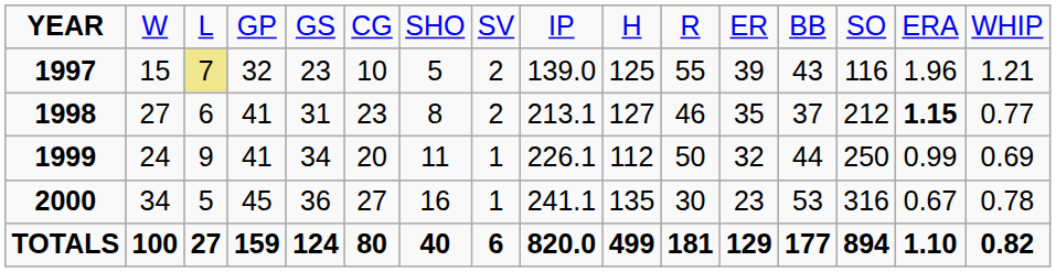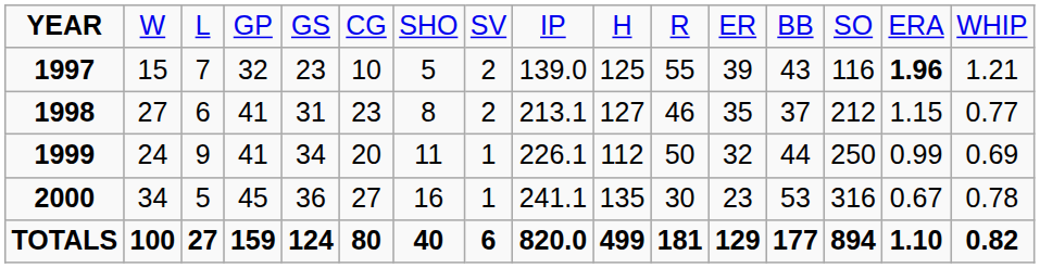 <table class="sortable wikitable">
 <tr align=center>
 <td><strong>YEAR</strong></td>
 <td><a href='#'>W</a></td>
 <td><a href='#'>L</a></td>
 <td><a href='#'>GP</a></td>
 <td><a href='#'>GS</a></td>
 <td><a href='#'>CG</a></td>
 <td><a href='#'>SHO</a></td>
 <td><a href='#'>SV</a></td>
 <td><a href='#'>IP</a></td>
 <td><a href='#'>H</a></td>
 <td><a href='#'>R</a></td>
 <td><a href='#'>ER</a></td>
 <td><a href='#'>BB</a></td>
 <td><a href='#'>SO</a></td>
 <td><a href='#'>ERA</a></td>
 <td><a href='#'>WHIP</a></td>
 </tr>
 <tr align=center>
 <td><strong>1997</strong></td>
 <td>15</td>
-<td style="background: khaki;">7</td>
+<td>7</td>
 <td>32</td>
 <td>23</td>
 <td>10</td>
 <td>5</td>
 <td>2</td>
 <td>139.0</td>
 <td>125</td>
 <td>55</td>
 <td>39</td>
 <td>43</td>
 <td>116</td>
-<td>1.96</td>
+<td><strong>1.96</strong></td>
 <td>1.21</td>
 </tr>
 <tr align=center>
 <td><strong>1998</strong></td>
 <td>27</td>
 <td>6</td>
 <td>41</td>
 <td>31</td>
 <td>23</td>
 <td>8</td>
 <td>2</td>
 <td>213.1</td>
 <td>127</td>
 <td>46</td>
 <td>35</td>
 <td>37</td>
 <td>212</td>
-<td><strong>1.15</strong></td>
+<td>1.15</td>
 <td>0.77</td>
 </tr>
 <tr align=center>
 <td><strong>1999</strong></td>
 <td>24</td>
 <td>9</td>
 <td>41</td>
 <td>34</td>
 <td>20</td>
 <td>11</td>
 <td>1</td>
 <td>226.1</td>
 <td>112</td>
 <td>50</td>
 <td>32</td>
 <td>44</td>
 <td>250</td>
 <td>0.99</td>
 <td>0.69</td>
 </tr>
 <tr align=center>
 <td><strong>2000</strong></td>
 <td>34</td>
 <td>5</td>
 <td>45</td>
 <td>36</td>
 <td>27</td>
 <td>16</td>
 <td>1</td>
 <td>241.1</td>
 <td>135</td>
 <td>30</td>
 <td>23</td>
 <td>53</td>
 <td>316</td>
 <td>0.67</td>
 <td>0.78</td>
 </tr>
 <tr align=center>
 <td><strong>TOTALS</strong></td>
 <td><strong>100</strong></td>
 <td><strong>27</strong></td>
 <td><strong>159</strong></td>
 <td><strong>124</strong></td>
 <td><strong>80</strong></td>
 <td><strong>40</strong></td>
 <td><strong>6</strong></td>
 <td><strong>820.0</strong></td>
 <td><strong>499</strong></td>
 <td><strong>181</strong></td>
 <td><strong>129</strong></td>
 <td><strong>177</strong></td>
 <td><strong>894</strong></td>
 <td><strong>1.10</strong></td>
 <td><strong>0.82</strong></td>
 </tr>
 </table>
